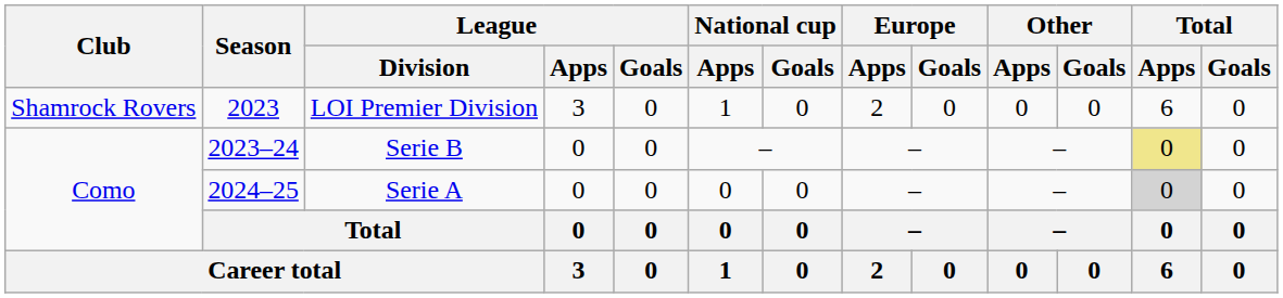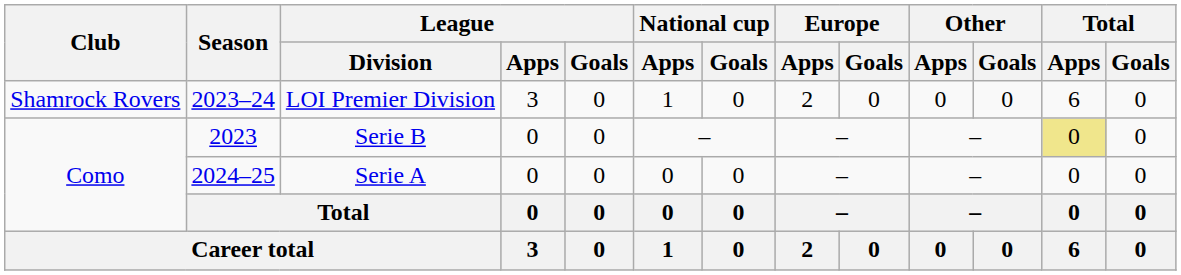 <table class="wikitable" Style="text-align: center">
 <tr>
 <th rowspan="2">Club</th>
 <th rowspan="2">Season</th>
 <th colspan="3">League</th>
 <th colspan="2">National cup</th>
 <th colspan="2">Europe</th>
 <th colspan="2">Other</th>
 <th colspan="2">Total</th>
 </tr>
 <tr>
 <th>Division</th>
 <th>Apps</th>
 <th>Goals</th>
 <th>Apps</th>
 <th>Goals</th>
 <th>Apps</th>
 <th>Goals</th>
 <th>Apps</th>
 <th>Goals</th>
 <th>Apps</th>
 <th>Goals</th>
 </tr>
 <tr>
 <td><a href='#'>Shamrock Rovers</a></td>
-<td><a href='#'>2023</a></td>
+<td><a href='#'>2023–24</a></td>
 <td><a href='#'>LOI Premier Division</a></td>
 <td>3</td>
 <td>0</td>
 <td>1</td>
 <td>0</td>
 <td>2</td>
 <td>0</td>
 <td>0</td>
 <td>0</td>
 <td>6</td>
 <td>0</td>
 </tr>
 <tr>
 <td rowspan="3"><a href='#'>Como</a></td>
-<td><a href='#'>2023–24</a></td>
+<td><a href='#'>2023</a></td>
 <td><a href='#'>Serie B</a></td>
 <td>0</td>
 <td>0</td>
 <td colspan="2">–</td>
 <td colspan="2">–</td>
 <td colspan="2">–</td>
 <td style="background: khaki;">0</td>
 <td>0</td>
 </tr>
 <tr>
 <td><a href='#'>2024–25</a></td>
 <td><a href='#'>Serie A</a></td>
 <td>0</td>
 <td>0</td>
 <td>0</td>
 <td>0</td>
 <td colspan="2">–</td>
 <td colspan="2">–</td>
-<td style="background: lightgrey;">0</td>
+<td>0</td>
 <td>0</td>
 </tr>
 <tr>
 <th colspan="2">Total</th>
 <th>0</th>
 <th>0</th>
 <th>0</th>
 <th>0</th>
 <th colspan="2">–</th>
 <th colspan="2">–</th>
 <th>0</th>
 <th>0</th>
 </tr>
 <tr>
 <th colspan="3">Career total</th>
 <th>3</th>
 <th>0</th>
 <th>1</th>
 <th>0</th>
 <th>2</th>
 <th>0</th>
 <th>0</th>
 <th>0</th>
 <th>6</th>
 <th>0</th>
 </tr>
 </table>
